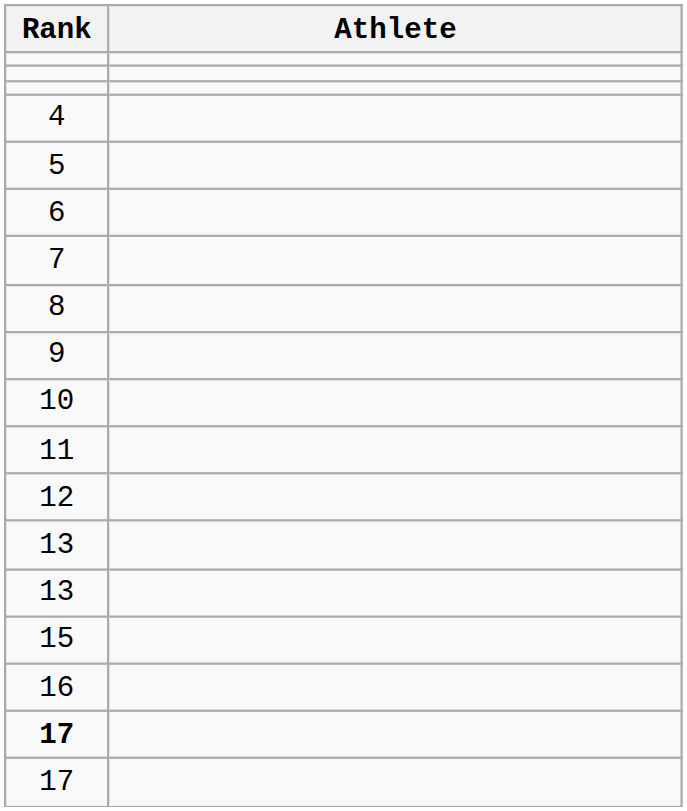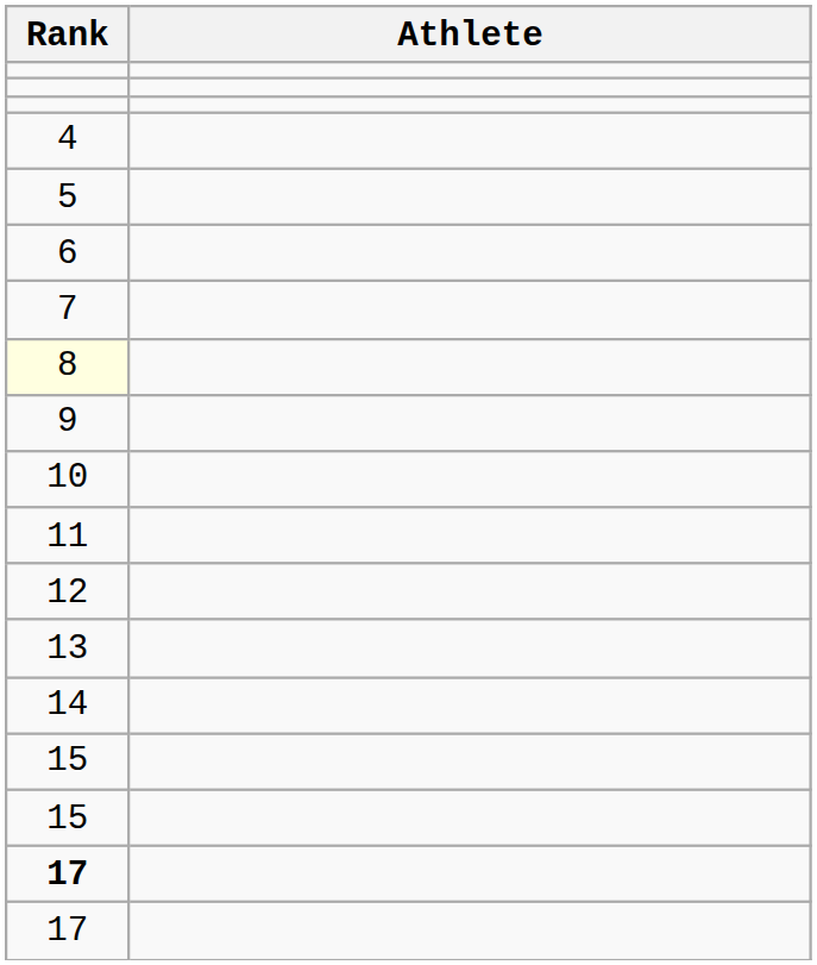 <table class="wikitable" style="text-align: center;">
 <tr>
 <th width=40>Rank</th>
 <th width=250>Athlete</th>
 </tr>
 <tr>
 <td></td>
 <td align=left></td>
 </tr>
 <tr>
 <td></td>
 <td align=left></td>
 </tr>
 <tr>
 <td></td>
 <td align=left></td>
 </tr>
 <tr>
 <td>4</td>
 <td align=left></td>
 </tr>
 <tr>
 <td>5</td>
 <td align=left></td>
 </tr>
 <tr>
 <td>6</td>
 <td align=left></td>
 </tr>
 <tr>
 <td>7</td>
 <td align=left></td>
 </tr>
 <tr>
-<td>8</td>
+<td style="background: lightyellow;">8</td>
 <td align=left></td>
 </tr>
 <tr>
 <td>9</td>
 <td align=left></td>
 </tr>
 <tr>
 <td>10</td>
 <td align=left></td>
 </tr>
 <tr>
 <td>11</td>
 <td align=left></td>
 </tr>
 <tr>
 <td>12</td>
 <td align=left></td>
 </tr>
 <tr>
 <td>13</td>
 <td align=left></td>
 </tr>
 <tr>
-<td>13</td>
+<td>14</td>
 <td align=left></td>
 </tr>
 <tr>
 <td>15</td>
 <td align=left></td>
 </tr>
 <tr>
-<td>16</td>
+<td>15</td>
 <td align=left></td>
 </tr>
 <tr>
 <td><strong>17</strong></td>
 <td align=left></td>
 </tr>
 <tr>
 <td>17</td>
 <td align=left></td>
 </tr>
 </table>
